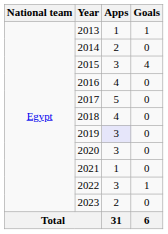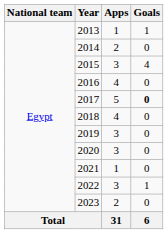 <table class="wikitable" style="text-align:center">
 <tr>
 <th>National team</th>
 <th>Year</th>
 <th>Apps</th>
 <th>Goals</th>
 </tr>
 <tr>
 <td rowspan="11"><a href='#'>Egypt</a></td>
 <td>2013</td>
 <td>1</td>
 <td>1</td>
 </tr>
 <tr>
 <td>2014</td>
 <td>2</td>
 <td>0</td>
 </tr>
 <tr>
 <td>2015</td>
 <td>3</td>
 <td>4</td>
 </tr>
 <tr>
 <td>2016</td>
 <td>4</td>
 <td>0</td>
 </tr>
 <tr>
 <td>2017</td>
 <td>5</td>
-<td>0</td>
+<td><strong>0</strong></td>
 </tr>
 <tr>
 <td>2018</td>
 <td>4</td>
 <td>0</td>
 </tr>
 <tr>
 <td>2019</td>
-<td style="background: lavender;">3</td>
+<td>3</td>
 <td>0</td>
 </tr>
 <tr>
 <td>2020</td>
 <td>3</td>
 <td>0</td>
 </tr>
 <tr>
 <td>2021</td>
 <td>1</td>
 <td>0</td>
 </tr>
 <tr>
 <td>2022</td>
 <td>3</td>
 <td>1</td>
 </tr>
 <tr>
 <td>2023</td>
 <td>2</td>
 <td>0</td>
 </tr>
 <tr>
 <th colspan="2">Total</th>
 <th>31</th>
 <th>6</th>
 </tr>
 </table>
